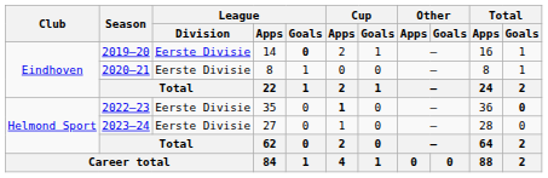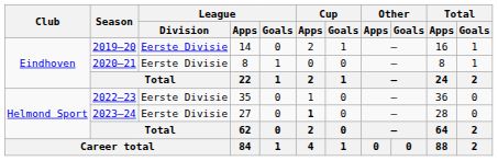 <table class=wikitable style=text-align:center>
 <tr>
 <th rowspan="2">Club</th>
 <th rowspan="2">Season</th>
 <th colspan="3">League</th>
 <th colspan="2">Cup</th>
 <th colspan="2">Other</th>
 <th colspan="2">Total</th>
 </tr>
 <tr>
 <th>Division</th>
 <th>Apps</th>
 <th>Goals</th>
 <th>Apps</th>
 <th>Goals</th>
 <th>Apps</th>
 <th>Goals</th>
 <th>Apps</th>
 <th>Goals</th>
 </tr>
 <tr>
 <td rowspan="3"><a href='#'>Eindhoven</a></td>
 <td><a href='#'>2019–20</a></td>
 <td><a href='#'>Eerste Divisie</a></td>
 <td>14</td>
-<td><strong>0</strong></td>
+<td>0</td>
 <td>2</td>
 <td>1</td>
 <td colspan="2">—</td>
 <td>16</td>
 <td>1</td>
 </tr>
 <tr>
 <td><a href='#'>2020–21</a></td>
 <td>Eerste Divisie</td>
 <td>8</td>
 <td>1</td>
 <td>0</td>
 <td>0</td>
 <td colspan="2">—</td>
 <td>8</td>
 <td>1</td>
 </tr>
 <tr>
 <th colspan="2">Total</th>
 <th>22</th>
 <th>1</th>
 <th>2</th>
 <th>1</th>
 <th colspan="2">—</th>
 <th>24</th>
 <th>2</th>
 </tr>
 <tr>
 <td rowspan="3"><a href='#'>Helmond Sport</a></td>
 <td><a href='#'>2022–23</a></td>
 <td>Eerste Divisie</td>
 <td>35</td>
 <td>0</td>
-<td><strong>1</strong></td>
+<td>1</td>
 <td>0</td>
 <td colspan="2">—</td>
 <td>36</td>
-<td><strong>0</strong></td>
+<td>0</td>
 </tr>
 <tr>
 <td><a href='#'>2023–24</a></td>
 <td>Eerste Divisie</td>
 <td>27</td>
 <td>0</td>
-<td>1</td>
+<td><strong>1</strong></td>
 <td>0</td>
 <td colspan="2">—</td>
 <td>28</td>
 <td>0</td>
 </tr>
 <tr>
 <th colspan="2">Total</th>
 <th>62</th>
 <th>0</th>
 <th>2</th>
 <th>0</th>
 <th colspan="2">—</th>
 <th>64</th>
 <th>2</th>
 </tr>
 <tr>
 <th colspan="3">Career total</th>
 <th>84</th>
 <th>1</th>
 <th>4</th>
 <th>1</th>
 <th>0</th>
 <th>0</th>
 <th>88</th>
 <th>2</th>
 </tr>
 </table>
